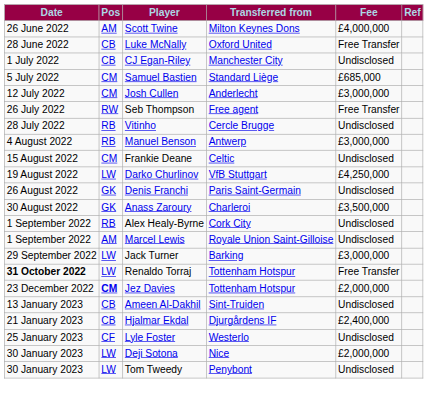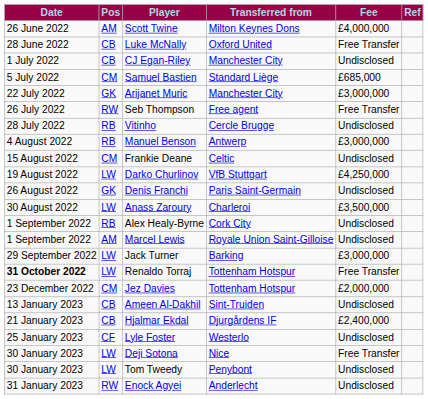 <table class="wikitable plainrowheaders sortable">
 <tr>
 <th style="background:#970045; color:#ADD8E6; ">Date</th>
 <th style="background:#970045; color:#ADD8E6; ">Pos</th>
 <th style="background:#970045; color:#ADD8E6; ">Player</th>
 <th style="background:#970045; color:#ADD8E6; ">Transferred from</th>
 <th style="background:#970045; color:#ADD8E6; ">Fee</th>
 <th style="background:#970045; color:#ADD8E6; ">Ref</th>
 </tr>
 <tr>
 <td>26 June 2022</td>
 <td><a href='#'>AM</a></td>
 <td> <a href='#'>Scott Twine</a></td>
 <td> <a href='#'>Milton Keynes Dons</a></td>
 <td>£4,000,000</td>
 <td></td>
 </tr>
 <tr>
 <td>28 June 2022</td>
 <td><a href='#'>CB</a></td>
 <td> <a href='#'>Luke McNally</a></td>
 <td> <a href='#'>Oxford United</a></td>
 <td>Free Transfer</td>
 <td></td>
 </tr>
 <tr>
 <td>1 July 2022</td>
 <td><a href='#'>CB</a></td>
 <td> <a href='#'>CJ Egan-Riley</a></td>
 <td> <a href='#'>Manchester City</a></td>
 <td>Undisclosed</td>
 <td></td>
 </tr>
 <tr>
 <td>5 July 2022</td>
 <td><a href='#'>CM</a></td>
 <td> <a href='#'>Samuel Bastien</a></td>
 <td> <a href='#'>Standard Liège</a></td>
 <td>£685,000</td>
 <td></td>
 </tr>
 <tr>
-<td>12 July 2022</td>
-<td><a href='#'>CM</a></td>
-<td> <a href='#'>Josh Cullen</a></td>
-<td> <a href='#'>Anderlecht</a></td>
+<td>22 July 2022</td>
+<td><a href='#'>GK</a></td>
+<td> <a href='#'>Arijanet Muric</a></td>
+<td> <a href='#'>Manchester City</a></td>
 <td>£3,000,000</td>
 <td></td>
 </tr>
 <tr>
 <td>26 July 2022</td>
 <td><a href='#'>RW</a></td>
 <td> Seb Thompson</td>
 <td> <a href='#'>Free agent</a></td>
 <td>Free Transfer</td>
 <td></td>
 </tr>
 <tr>
 <td>28 July 2022</td>
 <td><a href='#'>RB</a></td>
 <td> <a href='#'>Vitinho</a></td>
 <td> <a href='#'>Cercle Brugge</a></td>
 <td>Undisclosed</td>
 <td></td>
 </tr>
 <tr>
 <td>4 August 2022</td>
 <td><a href='#'>RB</a></td>
 <td> <a href='#'>Manuel Benson</a></td>
 <td> <a href='#'>Antwerp</a></td>
 <td>£3,000,000</td>
 <td></td>
 </tr>
 <tr>
 <td>15 August 2022</td>
 <td><a href='#'>CM</a></td>
 <td> Frankie Deane</td>
 <td> <a href='#'>Celtic</a></td>
 <td>Undisclosed</td>
 <td></td>
 </tr>
 <tr>
 <td>19 August 2022</td>
 <td><a href='#'>LW</a></td>
 <td> <a href='#'>Darko Churlinov</a></td>
 <td> <a href='#'>VfB Stuttgart</a></td>
 <td>£4,250,000</td>
 <td></td>
 </tr>
 <tr>
 <td>26 August 2022</td>
 <td><a href='#'>GK</a></td>
 <td> <a href='#'>Denis Franchi</a></td>
 <td> <a href='#'>Paris Saint-Germain</a></td>
 <td>Undisclosed</td>
 <td></td>
 </tr>
 <tr>
 <td>30 August 2022</td>
-<td><a href='#'>GK</a></td>
+<td><a href='#'>LW</a></td>
 <td> <a href='#'>Anass Zaroury</a></td>
 <td> <a href='#'>Charleroi</a></td>
 <td>£3,500,000</td>
 <td></td>
 </tr>
 <tr>
 <td>1 September 2022</td>
 <td><a href='#'>RB</a></td>
 <td> Alex Healy-Byrne</td>
 <td> <a href='#'>Cork City</a></td>
 <td>Undisclosed</td>
 <td></td>
 </tr>
 <tr>
 <td>1 September 2022</td>
 <td><a href='#'>AM</a></td>
 <td> <a href='#'>Marcel Lewis</a></td>
 <td> <a href='#'>Royale Union Saint-Gilloise</a></td>
 <td>Undisclosed</td>
 <td></td>
 </tr>
 <tr>
 <td>29 September 2022</td>
 <td><a href='#'>LW</a></td>
 <td> Jack Turner</td>
 <td> <a href='#'>Barking</a></td>
 <td>£3,000,000</td>
 <td></td>
 </tr>
 <tr>
 <td><strong>31 October 2022</strong></td>
 <td><a href='#'>LW</a></td>
 <td> Renaldo Torraj</td>
 <td> <a href='#'>Tottenham Hotspur</a></td>
 <td>Free Transfer</td>
 <td></td>
 </tr>
 <tr>
 <td>23 December 2022</td>
-<td><strong><a href='#'>CM</a></strong></td>
+<td><a href='#'>CM</a></td>
 <td> <a href='#'>Jez Davies</a></td>
 <td> <a href='#'>Tottenham Hotspur</a></td>
 <td>£2,000,000</td>
 <td></td>
 </tr>
 <tr>
 <td>13 January 2023</td>
 <td><a href='#'>CB</a></td>
 <td> <a href='#'>Ameen Al-Dakhil</a></td>
 <td> <a href='#'>Sint-Truiden</a></td>
 <td>Undisclosed</td>
 <td></td>
 </tr>
 <tr>
 <td>21 January 2023</td>
 <td><a href='#'>CB</a></td>
 <td> <a href='#'>Hjalmar Ekdal</a></td>
 <td> <a href='#'>Djurgårdens IF</a></td>
 <td>£2,400,000</td>
 <td></td>
 </tr>
 <tr>
 <td>25 January 2023</td>
 <td><a href='#'>CF</a></td>
 <td> <a href='#'>Lyle Foster</a></td>
 <td> <a href='#'>Westerlo</a></td>
 <td>Undisclosed</td>
 <td></td>
 </tr>
 <tr>
 <td>30 January 2023</td>
 <td><a href='#'>LW</a></td>
 <td> <a href='#'>Deji Sotona</a></td>
 <td> <a href='#'>Nice</a></td>
-<td>£2,000,000</td>
+<td>Free Transfer</td>
 <td></td>
 </tr>
 <tr>
 <td>30 January 2023</td>
 <td><a href='#'>LW</a></td>
 <td> Tom Tweedy</td>
 <td> <a href='#'>Penybont</a></td>
 <td>Undisclosed</td>
 <td></td>
 </tr>
+<tr>
+<td>31 January 2023</td>
+<td><a href='#'>RW</a></td>
+<td> <a href='#'>Enock Agyei</a></td>
+<td> <a href='#'>Anderlecht</a></td>
+<td>Undisclosed</td>
+<td></td>
+</tr>
 </table>
